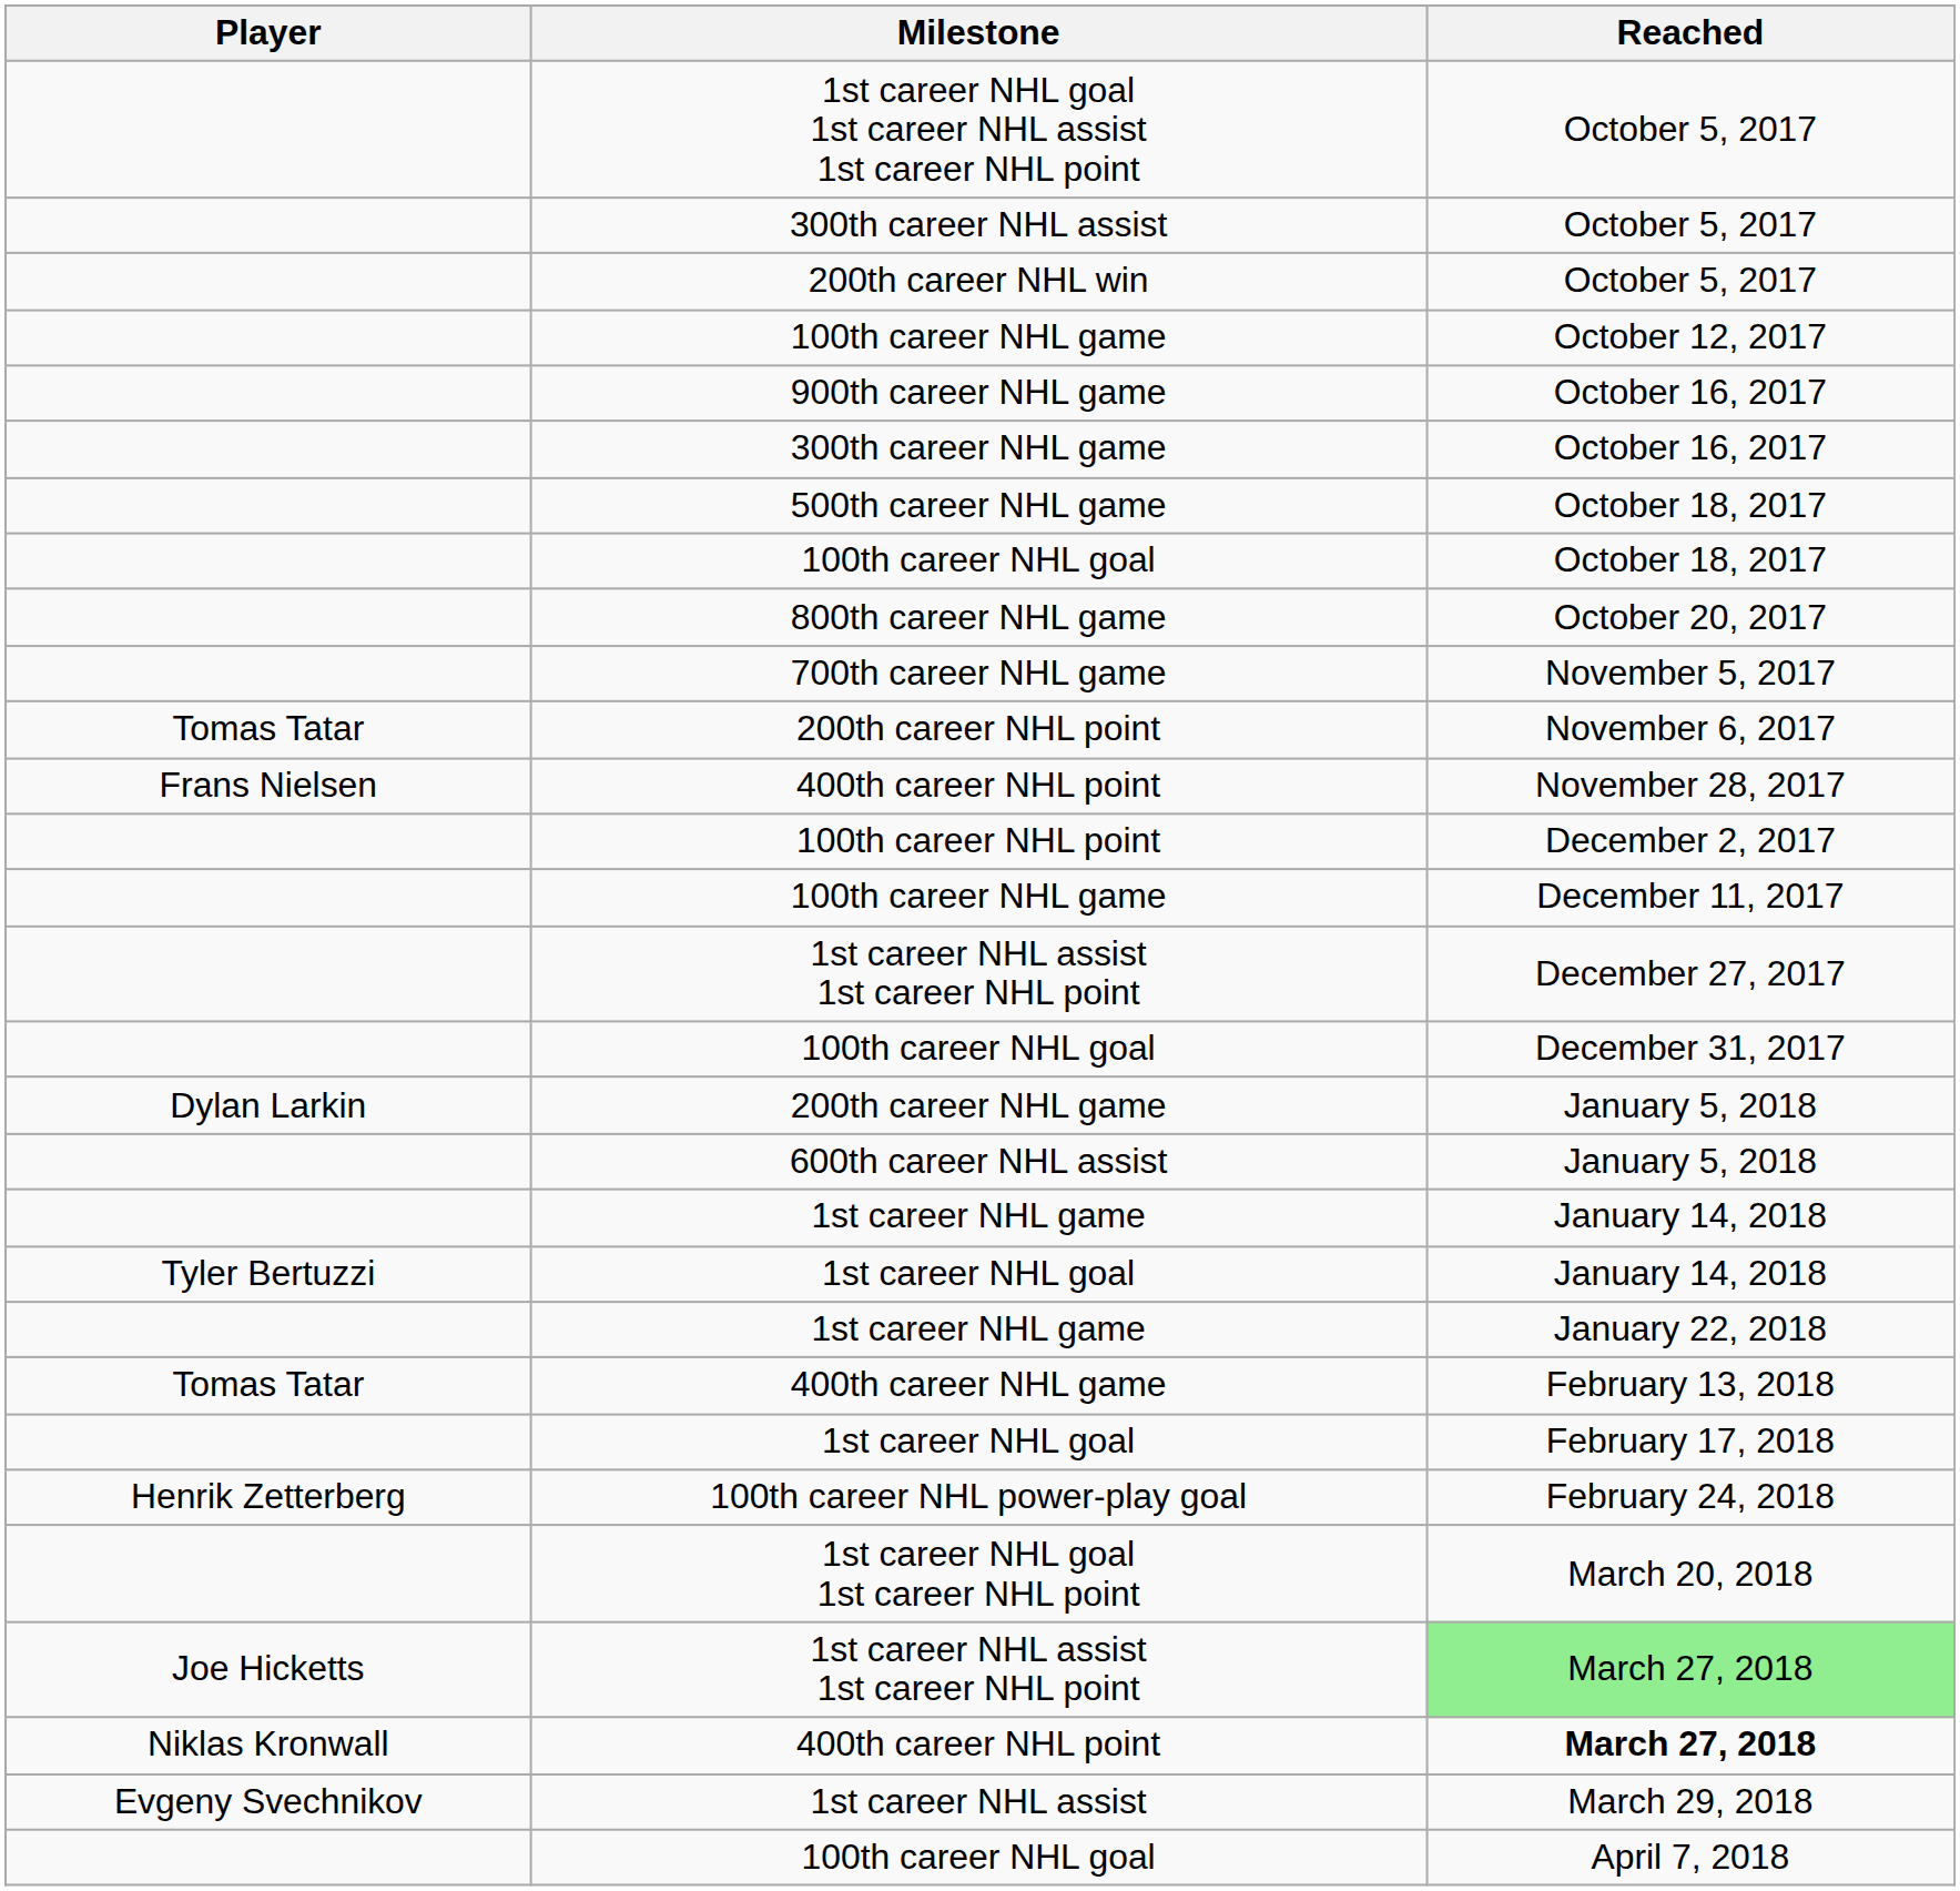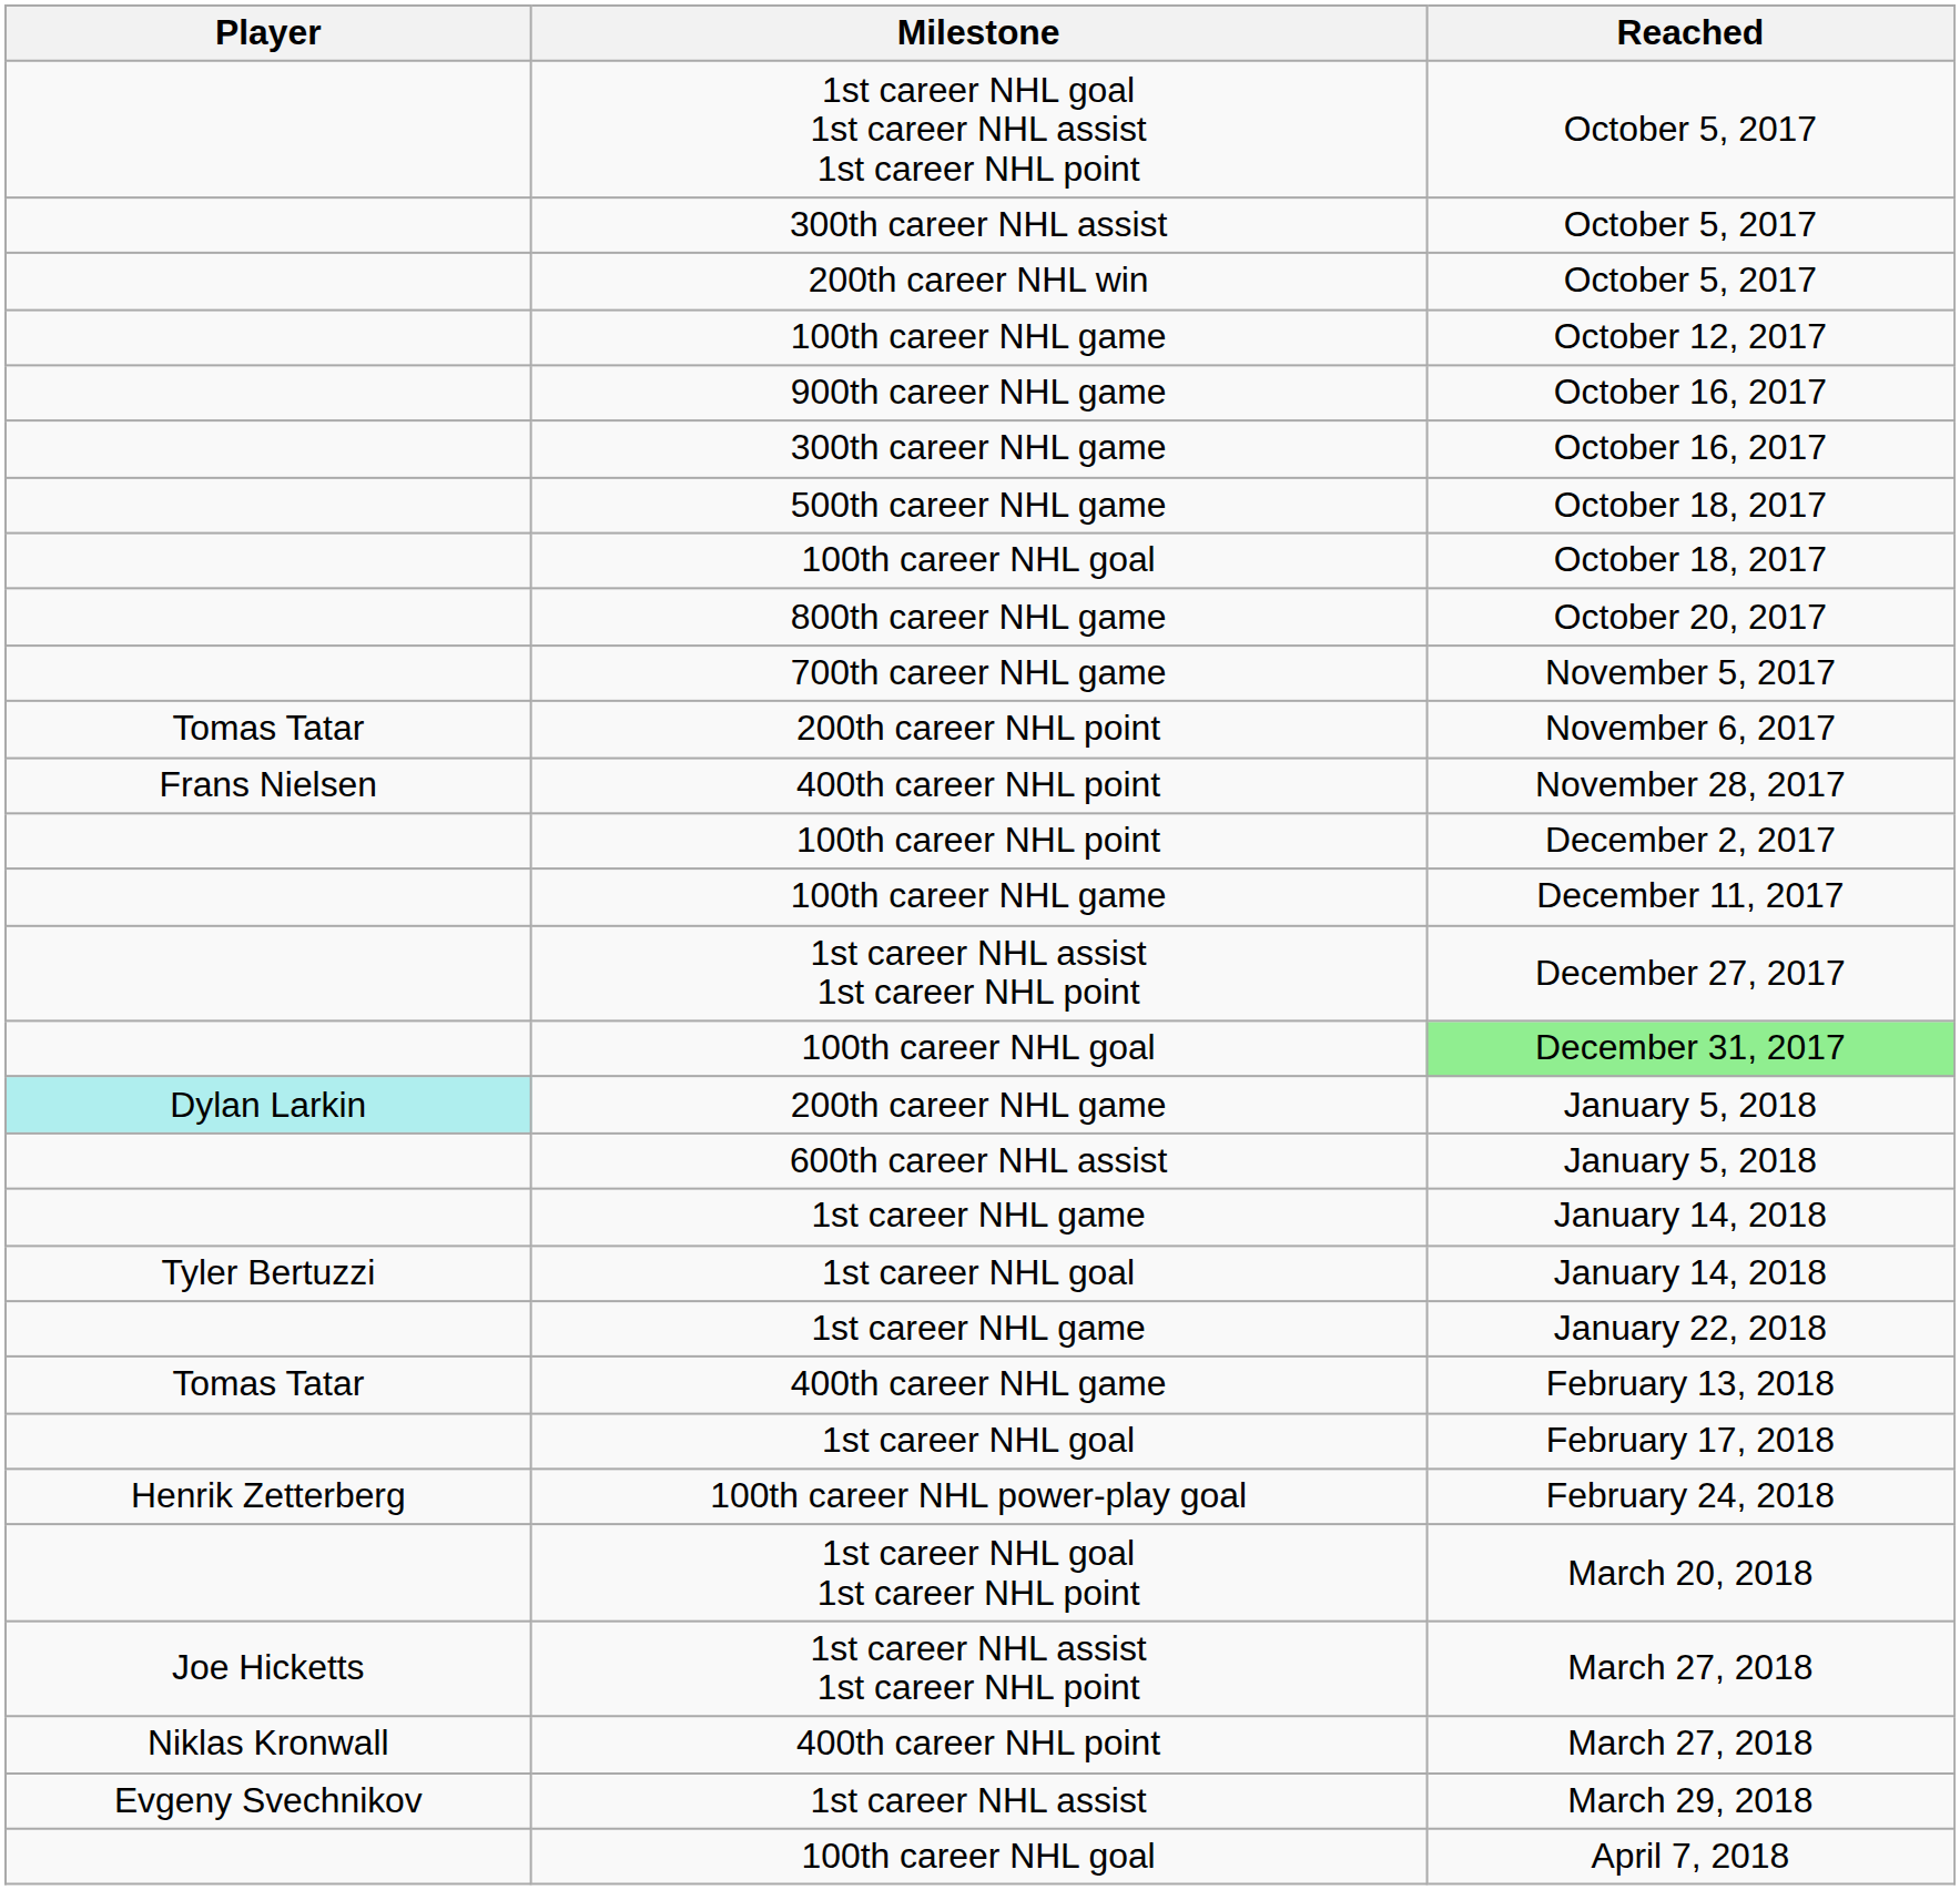 <table class="wikitable sortable" style="width:100%; text-align:center;">
 <tr>
 <th>Player</th>
 <th>Milestone</th>
 <th data-sort-type="date">Reached</th>
 </tr>
 <tr>
 <td></td>
 <td>1st career NHL goal<br>1st career NHL assist<br>1st career NHL point</td>
 <td>October 5, 2017</td>
 </tr>
 <tr>
 <td></td>
 <td>300th career NHL assist</td>
 <td>October 5, 2017</td>
 </tr>
 <tr>
 <td></td>
 <td>200th career NHL win</td>
 <td>October 5, 2017</td>
 </tr>
 <tr>
 <td></td>
 <td>100th career NHL game</td>
 <td>October 12, 2017</td>
 </tr>
 <tr>
 <td></td>
 <td>900th career NHL game</td>
 <td>October 16, 2017</td>
 </tr>
 <tr>
 <td></td>
 <td>300th career NHL game</td>
 <td>October 16, 2017</td>
 </tr>
 <tr>
 <td></td>
 <td>500th career NHL game</td>
 <td>October 18, 2017</td>
 </tr>
 <tr>
 <td></td>
 <td>100th career NHL goal</td>
 <td>October 18, 2017</td>
 </tr>
 <tr>
 <td></td>
 <td>800th career NHL game</td>
 <td>October 20, 2017</td>
 </tr>
 <tr>
 <td></td>
 <td>700th career NHL game</td>
 <td>November 5, 2017</td>
 </tr>
 <tr>
 <td>Tomas Tatar</td>
 <td>200th career NHL point</td>
 <td>November 6, 2017</td>
 </tr>
 <tr>
 <td>Frans Nielsen</td>
 <td>400th career NHL point</td>
 <td>November 28, 2017</td>
 </tr>
 <tr>
 <td></td>
 <td>100th career NHL point</td>
 <td>December 2, 2017</td>
 </tr>
 <tr>
 <td></td>
 <td>100th career NHL game</td>
 <td>December 11, 2017</td>
 </tr>
 <tr>
 <td></td>
 <td>1st career NHL assist<br>1st career NHL point</td>
 <td>December 27, 2017</td>
 </tr>
 <tr>
 <td></td>
 <td>100th career NHL goal</td>
-<td>December 31, 2017</td>
+<td style="background: lightgreen;">December 31, 2017</td>
 </tr>
 <tr>
-<td>Dylan Larkin</td>
+<td style="background: paleturquoise;">Dylan Larkin</td>
 <td>200th career NHL game</td>
 <td>January 5, 2018</td>
 </tr>
 <tr>
 <td></td>
 <td>600th career NHL assist</td>
 <td>January 5, 2018</td>
 </tr>
 <tr>
 <td></td>
 <td>1st career NHL game</td>
 <td>January 14, 2018</td>
 </tr>
 <tr>
 <td>Tyler Bertuzzi</td>
 <td>1st career NHL goal</td>
 <td>January 14, 2018</td>
 </tr>
 <tr>
 <td></td>
 <td>1st career NHL game</td>
 <td>January 22, 2018</td>
 </tr>
 <tr>
 <td>Tomas Tatar</td>
 <td>400th career NHL game</td>
 <td>February 13, 2018</td>
 </tr>
 <tr>
 <td></td>
 <td>1st career NHL goal</td>
 <td>February 17, 2018</td>
 </tr>
 <tr>
 <td>Henrik Zetterberg</td>
 <td>100th career NHL power-play goal</td>
 <td>February 24, 2018</td>
 </tr>
 <tr>
 <td></td>
 <td>1st career NHL goal<br>1st career NHL point</td>
 <td>March 20, 2018</td>
 </tr>
 <tr>
 <td>Joe Hicketts</td>
 <td>1st career NHL assist<br>1st career NHL point</td>
-<td style="background: lightgreen;">March 27, 2018</td>
+<td>March 27, 2018</td>
 </tr>
 <tr>
 <td>Niklas Kronwall</td>
 <td>400th career NHL point</td>
-<td><strong>March 27, 2018</strong></td>
+<td>March 27, 2018</td>
 </tr>
 <tr>
 <td>Evgeny Svechnikov</td>
 <td>1st career NHL assist</td>
 <td>March 29, 2018</td>
 </tr>
 <tr>
 <td></td>
 <td>100th career NHL goal</td>
 <td>April 7, 2018</td>
 </tr>
 </table>
